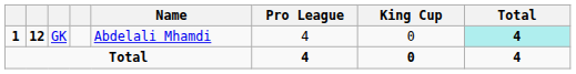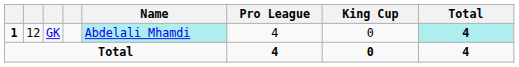 <table class="wikitable" style="text-align:center">
 <tr>
 <th width=15></th>
 <th width=15></th>
 <th width=15></th>
 <th width=15></th>
 <th width=155>Name</th>
 <th width=100>Pro League</th>
 <th width=100>King Cup</th>
 <th width=100>Total</th>
 </tr>
 <tr>
 <td><strong>1</strong></td>
-<td><strong>12</strong></td>
+<td>12</td>
 <td><a href='#'>GK</a></td>
 <td></td>
-<td align=left><a href='#'>Abdelali Mhamdi</a></td>
+<td align=left style="background: paleturquoise;"><a href='#'>Abdelali Mhamdi</a></td>
 <td>4</td>
 <td>0</td>
 <td style="background: paleturquoise;"><strong>4</strong></td>
 </tr>
 <tr>
 <td colspan=5><strong>Total</strong></td>
 <td><strong>4</strong></td>
 <td><strong>0</strong></td>
 <td><strong>4</strong></td>
 </tr>
 </table>
